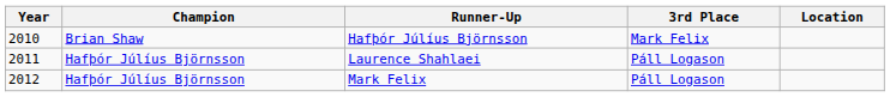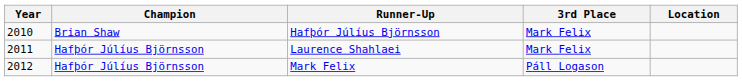 <table class="wikitable sortable" style="display: inline-table;width: 100%;">
 <tr>
 <th>Year</th>
 <th>Champion</th>
 <th>Runner-Up</th>
 <th>3rd Place</th>
 <th>Location</th>
 </tr>
 <tr>
 <td>2010</td>
 <td> <a href='#'>Brian Shaw</a></td>
 <td> <a href='#'>Hafþór Júlíus Björnsson</a></td>
 <td> <a href='#'>Mark Felix</a></td>
 <td> </td>
 </tr>
 <tr>
 <td>2011</td>
 <td> <a href='#'>Hafþór Júlíus Björnsson</a></td>
 <td> <a href='#'>Laurence Shahlaei</a></td>
-<td> <a href='#'>Páll Logason</a></td>
+<td> <a href='#'>Mark Felix</a></td>
 <td> </td>
 </tr>
 <tr>
 <td>2012</td>
 <td> <a href='#'>Hafþór Júlíus Björnsson</a></td>
 <td> <a href='#'>Mark Felix</a></td>
 <td> <a href='#'>Páll Logason</a></td>
 <td> </td>
 </tr>
 </table>
